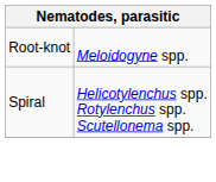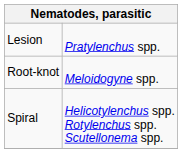 <table class="wikitable" style="clear">
 <tr>
 <th colspan=2><strong>Nematodes, parasitic</strong><br></th>
+</tr>
+<tr>
+<td>Lesion</td>
+<td><br><em><a href='#'>Pratylenchus</a></em> spp.</td>
 </tr>
 <tr>
 <td>Root-knot</td>
 <td><br><em><a href='#'>Meloidogyne</a></em> spp.</td>
 </tr>
 <tr>
 <td>Spiral</td>
 <td><br><em><a href='#'>Helicotylenchus</a></em> spp. <br> <em><a href='#'>Rotylenchus</a></em> spp. <br> <em><a href='#'>Scutellonema</a></em> spp.</td>
 </tr>
 <tr>
 </tr>
 </table>
